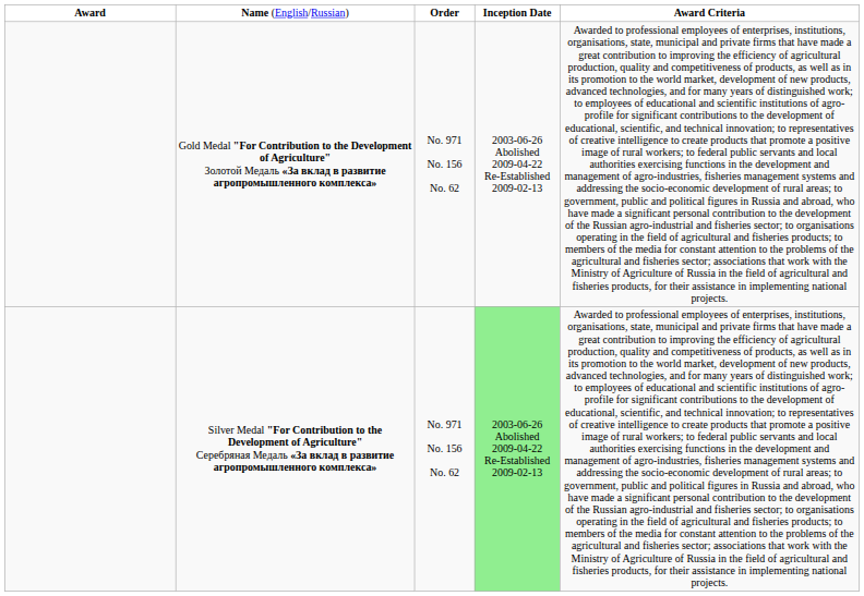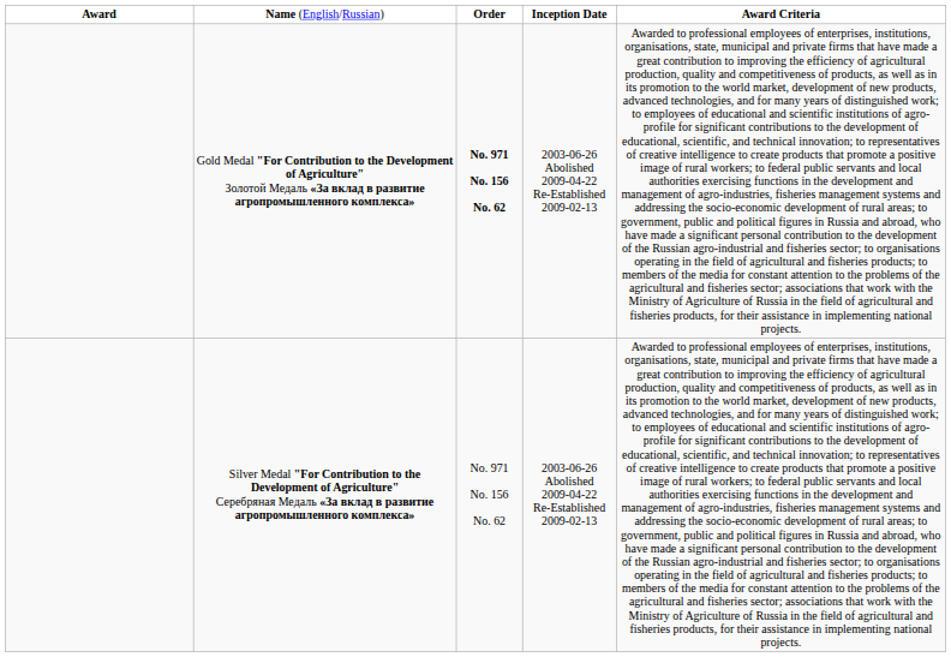 <table class="wikitable sortable" width="100%">
 <tr>
 <td width="20%" bgcolor="#FFFFFF" style="text-align:center;"><strong>Award</strong></td>
 <td width="28%" bgcolor="#FFFFFF" style="text-align:center;"><strong>Name</strong> (<a href='#'>English</a>/<a href='#'>Russian</a>)</td>
 <td width="07%" bgcolor="#FFFFFF" style="text-align:center;"><strong>Order</strong></td>
 <td width="10%" bgcolor="#FFFFFF" style="text-align:center;"><strong>Inception Date</strong></td>
 <td width="35%" bgcolor="#FFFFFF" style="text-align:center;"><strong>Award Criteria</strong></td>
 </tr>
 <tr>
 <td></td>
 <td style="text-align:center;">Gold Medal <strong>"For Contribution to the Development of Agriculture"</strong><br>Золотой Медаль <strong>«За вклад в развитие агропромышленного комплекса»</strong></td>
-<td style="text-align:center;">No. 971<br><br>No. 156<br><br>No. 62</td>
+<td style="text-align:center;"><strong>No. 971<br><br>No. 156<br><br>No. 62</strong></td>
 <td style="text-align:center;">2003-06-26<br>Abolished<br>2009-04-22<br>Re-Established<br>2009-02-13</td>
 <td style="text-align:center;">Awarded to professional employees of enterprises, institutions, organisations, state, municipal and private firms that  have made a great contribution to improving the efficiency of agricultural production, quality and competitiveness of products, as well as in its promotion to the world market, development of new products, advanced technologies, and for many years of distinguished work; to employees of educational and scientific institutions of agro-profile for significant contributions to the development of educational, scientific, and technical innovation; to representatives of creative intelligence to create products that promote a positive image of rural workers; to federal public servants and local authorities exercising functions in the development and management of agro-industries, fisheries management systems and addressing the socio-economic development of rural areas; to government, public and political figures in Russia and abroad, who have made a significant personal contribution to the development of the Russian agro-industrial and fisheries sector; to organisations operating in the field of agricultural and fisheries products; to members of the media for constant attention to the problems of the agricultural and fisheries sector;  associations that work with the Ministry of Agriculture of Russia in the field of agricultural and fisheries products, for their assistance in implementing national projects.</td>
 </tr>
 <tr>
 <td></td>
 <td style="text-align:center;">Silver Medal <strong>"For Contribution to the Development of Agriculture"</strong><br>Серебряная Медаль <strong>«За вклад в развитие агропромышленного комплекса»</strong></td>
 <td style="text-align:center;">No. 971<br><br>No. 156<br><br>No. 62</td>
-<td style="background: lightgreen; text-align:center;">2003-06-26<br>Abolished<br>2009-04-22<br>Re-Established<br>2009-02-13</td>
+<td style="text-align:center;">2003-06-26<br>Abolished<br>2009-04-22<br>Re-Established<br>2009-02-13</td>
 <td style="text-align:center;">Awarded to professional employees of enterprises, institutions, organisations, state, municipal and private firms that  have made a great contribution to improving the efficiency of agricultural production, quality and competitiveness of products, as well as in its promotion to the world market, development of new products, advanced technologies, and for many years of distinguished work; to employees of educational and scientific institutions of agro-profile for significant contributions to the development of educational, scientific, and technical innovation; to representatives of creative intelligence to create products that promote a positive image of rural workers; to federal public servants and local authorities exercising functions in the development and management of agro-industries, fisheries management systems and addressing the socio-economic development of rural areas; to government, public and political figures in Russia and abroad, who have made a significant personal contribution to the development of the Russian agro-industrial and fisheries sector; to organisations operating in the field of agricultural and fisheries products; to members of the media for constant attention to the problems of the agricultural and fisheries sector;  associations that work with the Ministry of Agriculture of Russia in the field of agricultural and fisheries products, for their assistance in implementing national projects.</td>
 </tr>
 </table>
